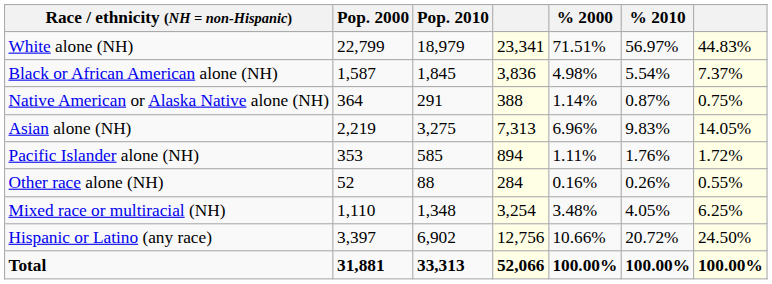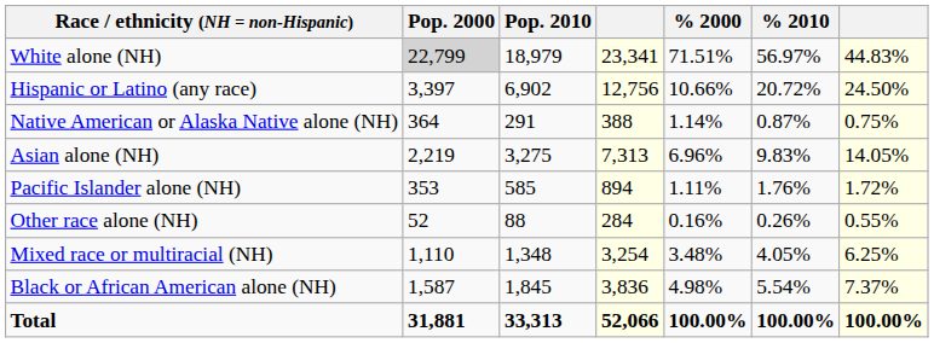 <table class="wikitable">
 <tr>
 <th>Race / ethnicity <small>(<em>NH = non-Hispanic</em>)</small></th>
 <th>Pop. 2000</th>
 <th>Pop. 2010</th>
 <th></th>
 <th>% 2000</th>
 <th>% 2010</th>
 <th></th>
 </tr>
 <tr>
 <td><a href='#'>White</a> alone (NH)</td>
-<td>22,799</td>
+<td style="background: lightgrey;">22,799</td>
 <td>18,979</td>
 <td style='background: #ffffe6;'>23,341</td>
 <td>71.51%</td>
 <td>56.97%</td>
 <td style='background: #ffffe6;'>44.83%</td>
 </tr>
 <tr>
-<td><a href='#'>Black or African American</a> alone (NH)</td>
-<td>1,587</td>
-<td>1,845</td>
-<td style='background: #ffffe6;'>3,836</td>
-<td>4.98%</td>
-<td>5.54%</td>
-<td style='background: #ffffe6;'>7.37%</td>
+<td><a href='#'>Hispanic or Latino</a> (any race)</td>
+<td>3,397</td>
+<td>6,902</td>
+<td style='background: #ffffe6;'>12,756</td>
+<td>10.66%</td>
+<td>20.72%</td>
+<td style='background: #ffffe6;'>24.50%</td>
 </tr>
 <tr>
 <td><a href='#'>Native American</a> or <a href='#'>Alaska Native</a> alone (NH)</td>
 <td>364</td>
 <td>291</td>
 <td style='background: #ffffe6;'>388</td>
 <td>1.14%</td>
 <td>0.87%</td>
 <td style='background: #ffffe6;'>0.75%</td>
 </tr>
 <tr>
 <td><a href='#'>Asian</a> alone (NH)</td>
 <td>2,219</td>
 <td>3,275</td>
 <td style='background: #ffffe6;'>7,313</td>
 <td>6.96%</td>
 <td>9.83%</td>
 <td style='background: #ffffe6;'>14.05%</td>
 </tr>
 <tr>
 <td><a href='#'>Pacific Islander</a> alone (NH)</td>
 <td>353</td>
 <td>585</td>
 <td style='background: #ffffe6;'>894</td>
 <td>1.11%</td>
 <td>1.76%</td>
 <td style='background: #ffffe6;'>1.72%</td>
 </tr>
 <tr>
 <td><a href='#'>Other race</a> alone (NH)</td>
 <td>52</td>
 <td>88</td>
 <td style='background: #ffffe6;'>284</td>
 <td>0.16%</td>
 <td>0.26%</td>
 <td style='background: #ffffe6;'>0.55%</td>
 </tr>
 <tr>
 <td><a href='#'>Mixed race or multiracial</a> (NH)</td>
 <td>1,110</td>
 <td>1,348</td>
 <td style='background: #ffffe6;'>3,254</td>
 <td>3.48%</td>
 <td>4.05%</td>
 <td style='background: #ffffe6;'>6.25%</td>
 </tr>
 <tr>
-<td><a href='#'>Hispanic or Latino</a> (any race)</td>
-<td>3,397</td>
-<td>6,902</td>
-<td style='background: #ffffe6;'>12,756</td>
-<td>10.66%</td>
-<td>20.72%</td>
-<td style='background: #ffffe6;'>24.50%</td>
+<td><a href='#'>Black or African American</a> alone (NH)</td>
+<td>1,587</td>
+<td>1,845</td>
+<td style='background: #ffffe6;'>3,836</td>
+<td>4.98%</td>
+<td>5.54%</td>
+<td style='background: #ffffe6;'>7.37%</td>
 </tr>
 <tr>
 <td><strong>Total</strong></td>
 <td><strong>31,881</strong></td>
 <td><strong>33,313</strong></td>
 <td style='background: #ffffe6;'><strong>52,066</strong></td>
 <td><strong>100.00%</strong></td>
 <td><strong>100.00%</strong></td>
 <td style='background: #ffffe6;'><strong>100.00%</strong></td>
 </tr>
 </table>
